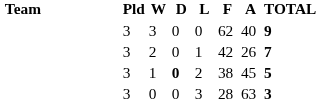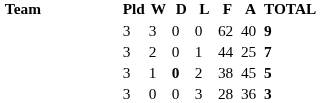 <table>
 <tr>
 <td><br></td>
 </tr>
 <tr border=1 cellpadding=5 cellspacing=0>
 <th width="200">Team</th>
 <th width="20">Pld</th>
 <th width="20">W</th>
 <th width="20">D</th>
 <th width="20">L</th>
 <th width="20">F</th>
 <th width="20">A</th>
 <th width="20">TOTAL</th>
 </tr>
 <tr>
 <td align=left></td>
 <td>3</td>
 <td>3</td>
 <td>0</td>
 <td>0</td>
 <td>62</td>
 <td>40</td>
 <td><strong>9</strong></td>
 </tr>
 <tr>
 <td align=left></td>
 <td>3</td>
 <td>2</td>
 <td>0</td>
 <td>1</td>
-<td>42</td>
-<td>26</td>
+<td>44</td>
+<td>25</td>
 <td><strong>7</strong></td>
 </tr>
 <tr>
 <td align=left></td>
 <td>3</td>
 <td>1</td>
 <td><strong>0</strong></td>
 <td>2</td>
 <td>38</td>
 <td>45</td>
 <td><strong>5</strong></td>
 </tr>
 <tr>
 <td align=left></td>
 <td>3</td>
 <td>0</td>
 <td>0</td>
 <td>3</td>
 <td>28</td>
-<td>63</td>
+<td>36</td>
 <td><strong>3</strong></td>
 </tr>
 </table>
